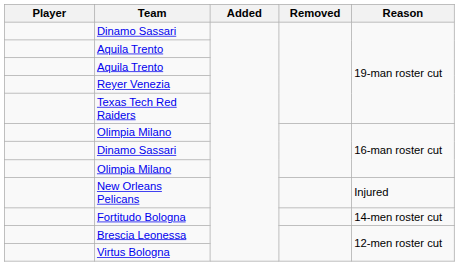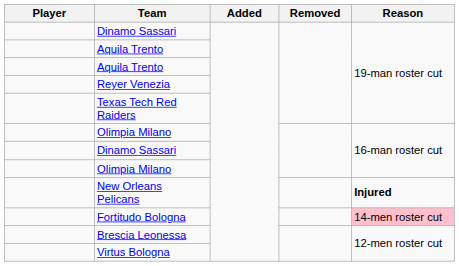 <table class="wikitable sortable" style="text-align:left; font-size:95%">
 <tr>
 <th scope="col" width="140px">Player</th>
 <th scope="col" width="180px">Team</th>
 <th scope="col" width="100px">Added</th>
 <th scope="col" width="100px">Removed</th>
 <th scope="col" width="160px">Reason</th>
 </tr>
 <tr>
 <td></td>
 <td> <a href='#'>Dinamo Sassari</a></td>
 <td rowspan=12></td>
 <td rowspan=5></td>
 <td rowspan=5>19-man roster cut</td>
 </tr>
 <tr>
 <td></td>
 <td> <a href='#'>Aquila Trento</a></td>
 </tr>
 <tr>
 <td></td>
 <td> <a href='#'>Aquila Trento</a></td>
 </tr>
 <tr>
 <td></td>
 <td> <a href='#'>Reyer Venezia</a></td>
 </tr>
 <tr>
 <td></td>
 <td> <a href='#'>Texas Tech Red Raiders</a></td>
 </tr>
 <tr>
 <td></td>
 <td> <a href='#'>Olimpia Milano</a></td>
 <td rowspan=3></td>
 <td rowspan=3>16-man roster cut</td>
 </tr>
 <tr>
 <td></td>
 <td> <a href='#'>Dinamo Sassari</a></td>
 </tr>
 <tr>
 <td></td>
 <td> <a href='#'>Olimpia Milano</a></td>
 </tr>
 <tr>
 <td></td>
 <td> <a href='#'>New Orleans Pelicans</a></td>
 <td></td>
-<td>Injured</td>
+<td><strong>Injured</strong></td>
 </tr>
 <tr>
 <td></td>
 <td> <a href='#'>Fortitudo Bologna</a></td>
 <td></td>
-<td>14-men roster cut</td>
+<td style="background: pink;">14-men roster cut</td>
 </tr>
 <tr>
 <td></td>
 <td> <a href='#'>Brescia Leonessa</a></td>
 <td rowspan=2></td>
 <td rowspan=2>12-men roster cut</td>
 </tr>
 <tr>
 <td></td>
 <td> <a href='#'>Virtus Bologna</a></td>
 </tr>
 </table>
